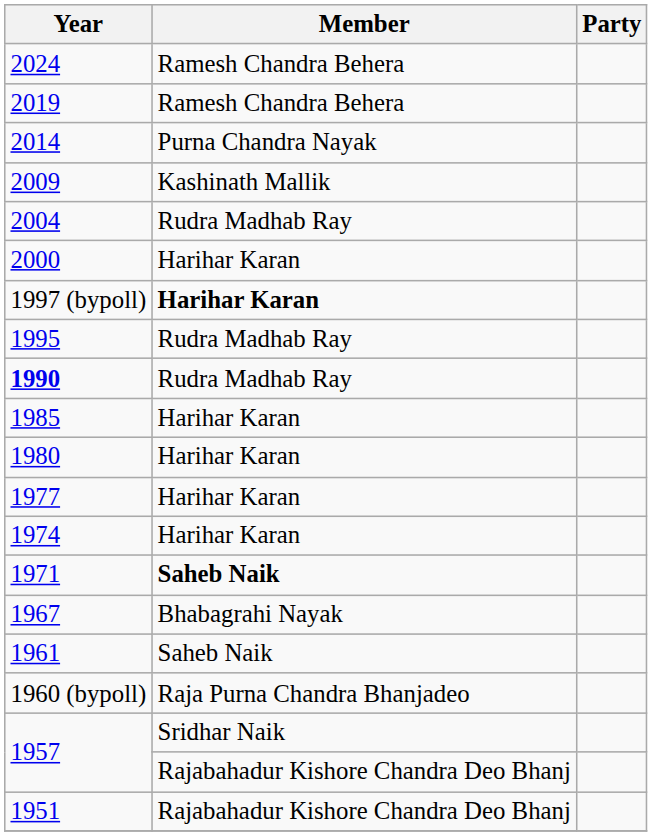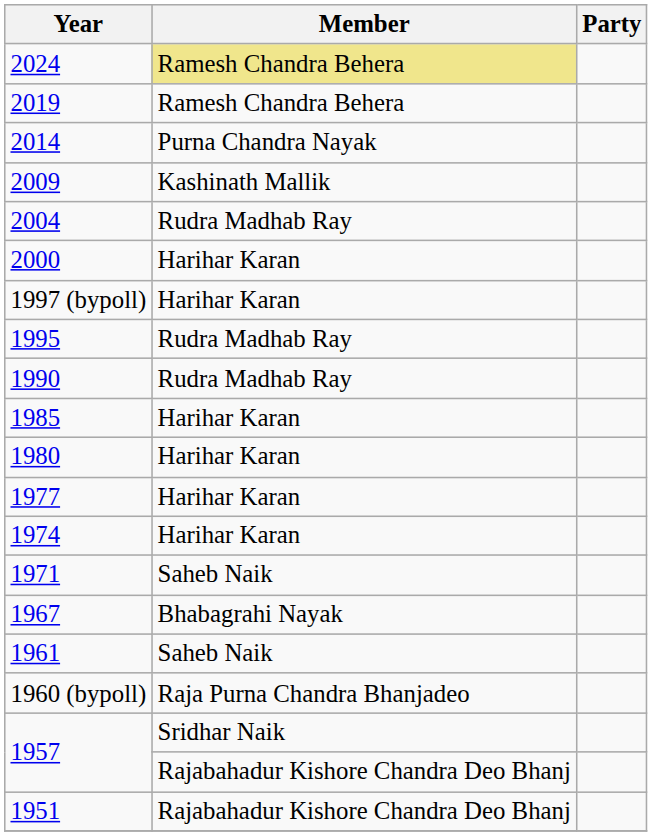 <table class="wikitable sortable">
 <tr>
 <th>Year</th>
 <th>Member</th>
 <th colspan=2>Party</th>
 </tr>
 <tr>
 <td><a href='#'>2024</a></td>
-<td>Ramesh Chandra Behera</td>
+<td style="background: khaki;">Ramesh Chandra Behera</td>
 <td></td>
 </tr>
 <tr>
 <td><a href='#'>2019</a></td>
 <td>Ramesh Chandra Behera</td>
 <td></td>
 </tr>
 <tr>
 <td><a href='#'>2014</a></td>
 <td>Purna Chandra Nayak</td>
 <td></td>
 </tr>
 <tr>
 <td><a href='#'>2009</a></td>
 <td>Kashinath Mallik</td>
 <td></td>
 </tr>
 <tr>
 <td><a href='#'>2004</a></td>
 <td>Rudra Madhab Ray</td>
 <td></td>
 </tr>
 <tr>
 <td><a href='#'>2000</a></td>
 <td>Harihar Karan</td>
 <td></td>
 </tr>
 <tr>
 <td>1997 (bypoll)</td>
-<td><strong>Harihar Karan</strong></td>
+<td>Harihar Karan</td>
 <td></td>
 </tr>
 <tr>
 <td><a href='#'>1995</a></td>
 <td>Rudra Madhab Ray</td>
 <td></td>
 </tr>
 <tr>
-<td><strong><a href='#'>1990</a></strong></td>
+<td><a href='#'>1990</a></td>
 <td>Rudra Madhab Ray</td>
 <td></td>
 </tr>
 <tr>
 <td><a href='#'>1985</a></td>
 <td>Harihar Karan</td>
 <td></td>
 </tr>
 <tr>
 <td><a href='#'>1980</a></td>
 <td>Harihar Karan</td>
 <td></td>
 </tr>
 <tr>
 <td><a href='#'>1977</a></td>
 <td>Harihar Karan</td>
 <td></td>
 </tr>
 <tr>
 <td><a href='#'>1974</a></td>
 <td>Harihar Karan</td>
 <td></td>
 </tr>
 <tr>
 <td><a href='#'>1971</a></td>
-<td><strong>Saheb Naik</strong></td>
+<td>Saheb Naik</td>
 <td></td>
 </tr>
 <tr>
 <td><a href='#'>1967</a></td>
 <td>Bhabagrahi Nayak</td>
 <td></td>
 </tr>
 <tr>
 <td><a href='#'>1961</a></td>
 <td>Saheb Naik</td>
 <td></td>
 </tr>
 <tr>
 <td>1960 (bypoll)</td>
 <td>Raja Purna Chandra Bhanjadeo</td>
 <td></td>
 </tr>
 <tr>
 <td rowspan="2"><a href='#'>1957</a></td>
 <td>Sridhar Naik</td>
 <td></td>
 </tr>
 <tr>
 <td>Rajabahadur Kishore Chandra Deo Bhanj</td>
 <td></td>
 </tr>
 <tr>
 <td><a href='#'>1951</a></td>
 <td>Rajabahadur Kishore Chandra Deo Bhanj</td>
 <td></td>
 </tr>
 <tr>
 </tr>
 </table>
